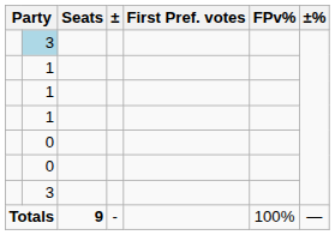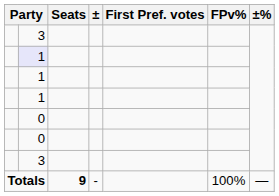 <table class=wikitable>
 <tr>
 <th colspan=2 align=center>Party</th>
 <th valign=top>Seats</th>
 <th valign=top>±</th>
 <th valign=top>First Pref. votes</th>
 <th valign=top>FPv%</th>
 <th valign=top>±%</th>
 </tr>
 <tr>
 <td></td>
-<td align=right style="background: lightblue;">3</td>
+<td align=right>3</td>
 <td align=right></td>
 <td align=right></td>
 <td align=right></td>
 <td align=right></td>
 </tr>
 <tr>
 <td></td>
-<td align=right>1</td>
+<td align=right style="background: lavender;">1</td>
 <td align=right></td>
 <td align=right></td>
 <td align=right></td>
 <td align=right></td>
 </tr>
 <tr>
 <td></td>
 <td align=right>1</td>
 <td align=right></td>
 <td align=right></td>
 <td align=right></td>
 <td align=right></td>
 </tr>
 <tr>
 <td></td>
 <td align=right>1</td>
 <td align=right></td>
 <td align=right></td>
 <td align=right></td>
 <td align=right></td>
 </tr>
 <tr>
 <td></td>
 <td align=right>0</td>
 <td align=right></td>
 <td align=right></td>
 <td align=right></td>
 <td align=right></td>
 </tr>
 <tr>
 <td></td>
 <td align=right>0</td>
 <td align=right></td>
 <td align=right></td>
 <td align=right></td>
 <td align=right></td>
 </tr>
 <tr>
 <td></td>
 <td align=right>3</td>
 <td align=right></td>
 <td align=right></td>
 <td align=right></td>
 <td align=right></td>
 </tr>
 <tr>
 <td colspan=2 align=center><strong>Totals</strong></td>
 <td align=right><strong>9</strong></td>
 <td align=center>-</td>
 <td align=right></td>
 <td align=center>100%</td>
 <td align=center>—</td>
 </tr>
 </table>
